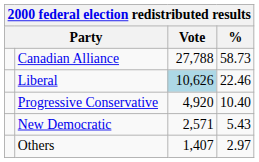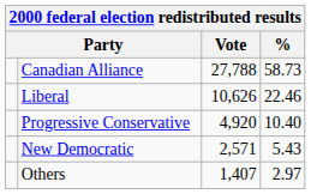 <table class="wikitable">
 <tr>
 <th colspan="4"><a href='#'>2000 federal election</a> redistributed results</th>
 </tr>
 <tr>
 <th bgcolor="#DDDDFF" width="130px" colspan="2">Party</th>
 <th bgcolor="#DDDDFF" width="50px">Vote</th>
 <th bgcolor="#DDDDFF" width="30px">%</th>
 </tr>
 <tr>
 <td> </td>
 <td><a href='#'>Canadian Alliance</a></td>
 <td align=right>27,788</td>
 <td align=right>58.73</td>
 </tr>
 <tr>
 <td> </td>
 <td><a href='#'>Liberal</a></td>
-<td align=right style="background: lightblue;">10,626</td>
+<td align=right>10,626</td>
 <td align=right>22.46</td>
 </tr>
 <tr>
 <td> </td>
 <td><a href='#'>Progressive Conservative</a></td>
 <td align=right>4,920</td>
 <td align=right>10.40</td>
 </tr>
 <tr>
 <td> </td>
 <td><a href='#'>New Democratic</a></td>
 <td align=right>2,571</td>
 <td align=right>5.43</td>
 </tr>
 <tr>
 <td> </td>
 <td>Others</td>
 <td align=right>1,407</td>
 <td align=right>2.97</td>
 </tr>
 </table>
